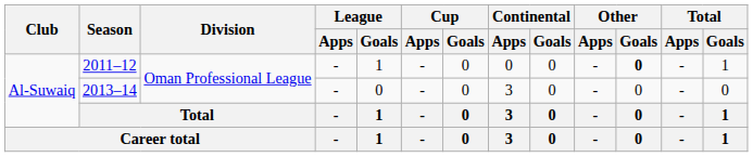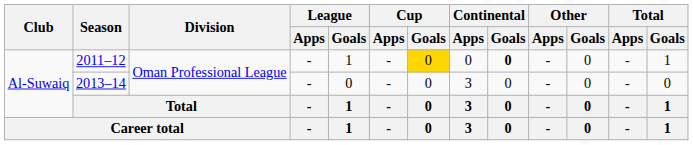 <table class="wikitable" style="text-align: center;">
 <tr>
 <th rowspan="2">Club</th>
 <th rowspan="2">Season</th>
 <th rowspan="2">Division</th>
 <th colspan="2">League</th>
 <th colspan="2">Cup</th>
 <th colspan="2">Continental</th>
 <th colspan="2">Other</th>
 <th colspan="2">Total</th>
 </tr>
 <tr>
 <th>Apps</th>
 <th>Goals</th>
 <th>Apps</th>
 <th>Goals</th>
 <th>Apps</th>
 <th>Goals</th>
 <th>Apps</th>
 <th>Goals</th>
 <th>Apps</th>
 <th>Goals</th>
 </tr>
 <tr>
 <td rowspan="3"><a href='#'>Al-Suwaiq</a></td>
 <td><a href='#'>2011–12</a></td>
 <td rowspan="2"><a href='#'>Oman Professional League</a></td>
 <td>-</td>
 <td>1</td>
 <td>-</td>
+<td style="background: gold;">0</td>
 <td>0</td>
+<td><strong>0</strong></td>
+<td>-</td>
 <td>0</td>
-<td>0</td>
-<td>-</td>
-<td><strong>0</strong></td>
 <td>-</td>
 <td>1</td>
 </tr>
 <tr>
 <td><a href='#'>2013–14</a></td>
 <td>-</td>
 <td>0</td>
 <td>-</td>
 <td>0</td>
 <td>3</td>
 <td>0</td>
 <td>-</td>
 <td>0</td>
 <td>-</td>
 <td>0</td>
 </tr>
 <tr>
 <th colspan="2">Total</th>
 <th>-</th>
 <th>1</th>
 <th>-</th>
 <th>0</th>
 <th>3</th>
 <th>0</th>
 <th>-</th>
 <th>0</th>
 <th>-</th>
 <th>1</th>
 </tr>
 <tr>
 <th colspan="3">Career total</th>
 <th>-</th>
 <th>1</th>
 <th>-</th>
 <th>0</th>
 <th>3</th>
 <th>0</th>
 <th>-</th>
 <th>0</th>
 <th>-</th>
 <th>1</th>
 </tr>
 </table>
